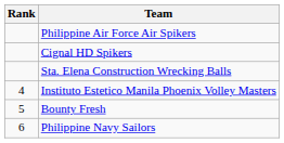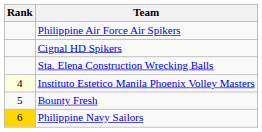 <table class="wikitable" style="text-align: center;">
 <tr>
 <th>Rank</th>
 <th>Team</th>
 </tr>
 <tr>
 <td></td>
 <td style="text-align:left;"><a href='#'>Philippine Air Force Air Spikers</a></td>
 </tr>
 <tr>
 <td></td>
 <td style="text-align:left;"><a href='#'>Cignal HD Spikers</a></td>
 </tr>
 <tr>
 <td></td>
 <td style="text-align:left;"><a href='#'>Sta. Elena Construction Wrecking Balls</a></td>
 </tr>
 <tr>
-<td>4</td>
+<td style="background: lightyellow;">4</td>
 <td style="text-align:left;"><a href='#'>Instituto Estetico Manila Phoenix Volley Masters</a></td>
 </tr>
 <tr>
 <td>5</td>
 <td style="text-align:left;"><a href='#'>Bounty Fresh</a></td>
 </tr>
 <tr>
-<td>6</td>
+<td style="background: gold;">6</td>
 <td style="text-align:left;"><a href='#'>Philippine Navy Sailors</a></td>
 </tr>
 </table>
